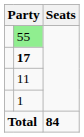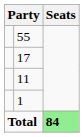 <table class="wikitable">
 <tr>
 <th colspan=2>Party</th>
 <th>Seats</th>
 </tr>
 <tr>
 <td></td>
-<td style="background: lightgreen;">55</td>
+<td>55</td>
 </tr>
 <tr>
 <td></td>
-<td><strong>17</strong></td>
+<td>17</td>
 </tr>
 <tr>
 <td></td>
 <td>11</td>
 </tr>
 <tr>
 <td></td>
 <td>1</td>
 </tr>
 <tr>
 <td colspan="2"><strong>Total</strong></td>
-<td><strong>84</strong></td>
+<td style="background: lightgreen;"><strong>84</strong></td>
 </tr>
 </table>
